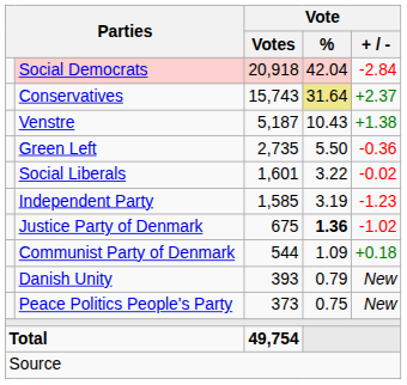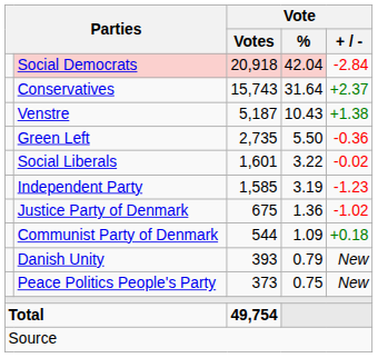 <table class="wikitable" style="text-align:right;">
 <tr>
 <th style="text-align:centre;" rowspan="2" colspan="2" width="225">Parties</th>
 <th colspan="3">Vote</th>
 </tr>
 <tr>
 <th width="15">Votes</th>
 <th width="15">%</th>
 <th width="15">+ / -</th>
 </tr>
 <tr>
 <td width="2" style="color:inherit;background:"></td>
 <td bgcolor=#fbd0ce  align="left"><a href='#'>Social Democrats</a></td>
 <td bgcolor=#fbd0ce>20,918</td>
 <td bgcolor=#fbd0ce>42.04</td>
 <td style=color:red;>-2.84</td>
 </tr>
 <tr>
 <td width="2" style="color:inherit;background:"></td>
 <td align="left"><a href='#'>Conservatives</a></td>
 <td>15,743</td>
-<td style="background: khaki;">31.64</td>
+<td>31.64</td>
 <td style=color:green;>+2.37</td>
 </tr>
 <tr>
 <td width="2" style="color:inherit;background:"></td>
 <td align="left"><a href='#'>Venstre</a></td>
 <td>5,187</td>
 <td>10.43</td>
 <td style=color:green;>+1.38</td>
 </tr>
 <tr>
 <td width="2" style="color:inherit;background:"></td>
 <td align="left"><a href='#'>Green Left</a></td>
 <td>2,735</td>
 <td>5.50</td>
 <td style=color:red;>-0.36</td>
 </tr>
 <tr>
 <td width="2" style="color:inherit;background:"></td>
 <td align="left"><a href='#'>Social Liberals</a></td>
 <td>1,601</td>
 <td>3.22</td>
 <td style=color:red;>-0.02</td>
 </tr>
 <tr>
 <td width="2" style="color:inherit;background:"></td>
 <td align="left"><a href='#'>Independent Party</a></td>
 <td>1,585</td>
 <td>3.19</td>
 <td style=color:red;>-1.23</td>
 </tr>
 <tr>
 <td width="2" style="color:inherit;background:"></td>
 <td align="left"><a href='#'>Justice Party of Denmark</a></td>
 <td>675</td>
-<td><strong>1.36</strong></td>
+<td>1.36</td>
 <td style=color:red;>-1.02</td>
 </tr>
 <tr>
 <td width="2" style="color:inherit;background:"></td>
 <td align="left"><a href='#'>Communist Party of Denmark</a></td>
 <td>544</td>
 <td>1.09</td>
 <td style=color:green;>+0.18</td>
 </tr>
 <tr>
 <td width="2" style="color:inherit;background:"></td>
 <td align="left"><a href='#'>Danish Unity</a></td>
 <td>393</td>
 <td>0.79</td>
 <td><em>New</em></td>
 </tr>
 <tr>
 <td width="2" style="color:inherit;background:"></td>
 <td align="left"><a href='#'>Peace Politics People's Party</a></td>
 <td>373</td>
 <td>0.75</td>
 <td><em>New</em></td>
 </tr>
 <tr>
 <td colspan="7" bgcolor="#E9E9E9"></td>
 </tr>
 <tr>
 <td align="left" colspan="2"><strong>Total</strong></td>
 <td><strong>49,754</strong></td>
 <td bgcolor="#E9E9E9" colspan="2"></td>
 </tr>
 <tr>
 <td align="left" colspan="6">Source</td>
 </tr>
 </table>
